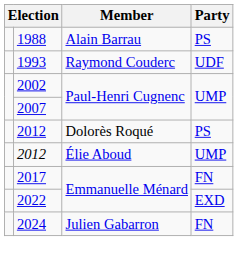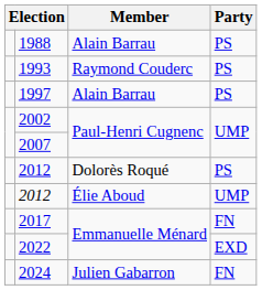 <table class="wikitable">
 <tr>
 <th colspan="2">Election</th>
 <th>Member</th>
 <th>Party</th>
 </tr>
 <tr>
 <td style="color:inherit;background-color: "></td>
 <td><a href='#'>1988</a></td>
 <td><a href='#'>Alain Barrau</a></td>
 <td><a href='#'>PS</a></td>
 </tr>
 <tr>
 <td style="color:inherit;background-color: "></td>
 <td><a href='#'>1993</a></td>
 <td><a href='#'>Raymond Couderc</a></td>
-<td><a href='#'>UDF</a></td>
+<td><a href='#'>PS</a></td>
+</tr>
+<tr>
+<td style="color:inherit;background-color: "></td>
+<td><a href='#'>1997</a></td>
+<td><a href='#'>Alain Barrau</a></td>
+<td><a href='#'>PS</a></td>
 </tr>
 <tr>
 <td rowspan=2 style="color:inherit;background-color: "></td>
 <td><a href='#'>2002</a></td>
 <td rowspan=2><a href='#'>Paul-Henri Cugnenc</a></td>
 <td rowspan=2><a href='#'>UMP</a></td>
 </tr>
 <tr>
 <td><a href='#'>2007</a></td>
 </tr>
 <tr>
 <td style="color:inherit;background-color: "></td>
 <td><a href='#'>2012</a></td>
 <td>Dolorès Roqué</td>
 <td><a href='#'>PS</a></td>
 </tr>
 <tr>
 <td style="color:inherit;background-color: "></td>
 <td><em>2012</em></td>
 <td><a href='#'>Élie Aboud</a></td>
 <td><a href='#'>UMP</a></td>
 </tr>
 <tr>
 <td style="color:inherit;background-color: "></td>
 <td><a href='#'>2017</a></td>
 <td rowspan="2"><a href='#'>Emmanuelle Ménard</a></td>
 <td><a href='#'>FN</a></td>
 </tr>
 <tr>
 <td style="color:inherit;background-color: "></td>
 <td><a href='#'>2022</a></td>
 <td><a href='#'>EXD</a></td>
 </tr>
 <tr>
 <td style="color:inherit;background-color: "></td>
 <td><a href='#'>2024</a></td>
 <td><a href='#'>Julien Gabarron</a></td>
 <td><a href='#'>FN</a></td>
 </tr>
 </table>
